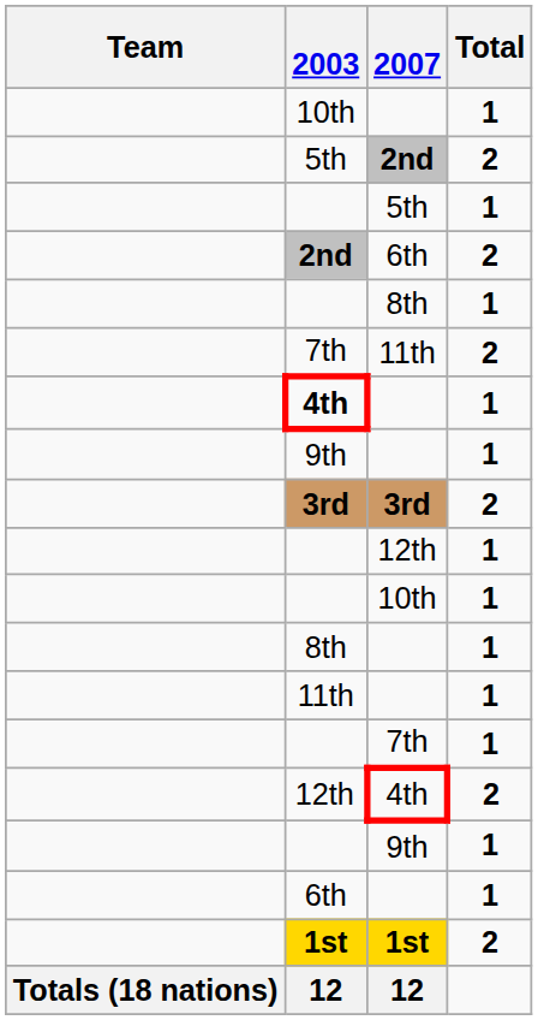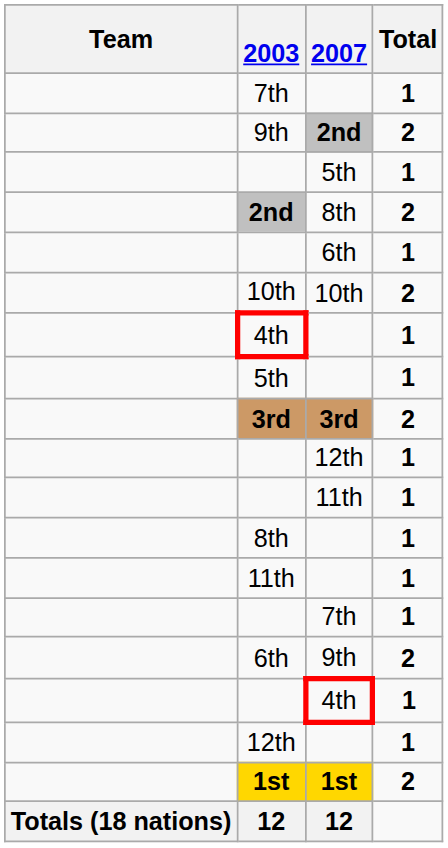 <table class="wikitable" style="text-align:center; font-size:90%">
 <tr bgcolor=>
 <th>Team</th>
 <th><br><a href='#'>2003</a></th>
 <th><br><a href='#'>2007</a></th>
 <th>Total</th>
 </tr>
 <tr>
 <td align=left></td>
-<td>10th</td>
+<td>7th</td>
 <td></td>
 <td><strong>1</strong></td>
 </tr>
 <tr>
 <td align=left></td>
-<td>5th</td>
+<td>9th</td>
 <td bgcolor=silver><strong>2nd</strong></td>
 <td><strong>2</strong></td>
 </tr>
 <tr>
 <td align=left></td>
 <td></td>
 <td>5th</td>
 <td><strong>1</strong></td>
 </tr>
 <tr>
 <td align=left></td>
 <td bgcolor=silver><strong>2nd</strong></td>
-<td>6th</td>
+<td>8th</td>
 <td><strong>2</strong></td>
 </tr>
 <tr>
 <td align=left></td>
 <td></td>
-<td>8th</td>
+<td>6th</td>
 <td><strong>1</strong></td>
 </tr>
 <tr>
 <td align=left></td>
-<td>7th</td>
-<td>11th</td>
+<td>10th</td>
+<td>10th</td>
 <td><strong>2</strong></td>
 </tr>
 <tr>
 <td align=left></td>
-<td style="border: 3px solid red"><strong>4th</strong></td>
+<td style="border: 3px solid red">4th</td>
 <td></td>
 <td><strong>1</strong></td>
 </tr>
 <tr>
 <td align=left></td>
-<td>9th</td>
+<td>5th</td>
 <td></td>
 <td><strong>1</strong></td>
 </tr>
 <tr>
 <td align=left></td>
 <td bgcolor=cc9966><strong>3rd</strong></td>
 <td bgcolor=cc9966><strong>3rd</strong></td>
 <td><strong>2</strong></td>
 </tr>
 <tr>
 <td align=left></td>
 <td></td>
 <td>12th</td>
 <td><strong>1</strong></td>
 </tr>
 <tr>
 <td align=left></td>
 <td></td>
-<td>10th</td>
+<td>11th</td>
 <td><strong>1</strong></td>
 </tr>
 <tr>
 <td align=left></td>
 <td>8th</td>
 <td></td>
 <td><strong>1</strong></td>
 </tr>
 <tr>
 <td align=left></td>
 <td>11th</td>
 <td></td>
 <td><strong>1</strong></td>
 </tr>
 <tr>
 <td align=left></td>
 <td></td>
 <td>7th</td>
 <td><strong>1</strong></td>
 </tr>
 <tr>
 <td align=left></td>
-<td>12th</td>
-<td style="border: 3px solid red">4th</td>
+<td>6th</td>
+<td>9th</td>
 <td><strong>2</strong></td>
 </tr>
 <tr>
 <td align=left></td>
 <td></td>
-<td>9th</td>
+<td style="border: 3px solid red">4th</td>
 <td><strong>1</strong></td>
 </tr>
 <tr>
 <td align=left></td>
-<td>6th</td>
+<td>12th</td>
 <td></td>
 <td><strong>1</strong></td>
 </tr>
 <tr>
 <td align=left></td>
 <td bgcolor=gold><strong>1st</strong></td>
 <td bgcolor=gold><strong>1st</strong></td>
 <td><strong>2</strong></td>
 </tr>
 <tr>
 <th>Totals (18 nations)</th>
 <th>12</th>
 <th>12</th>
 </tr>
 </table>
